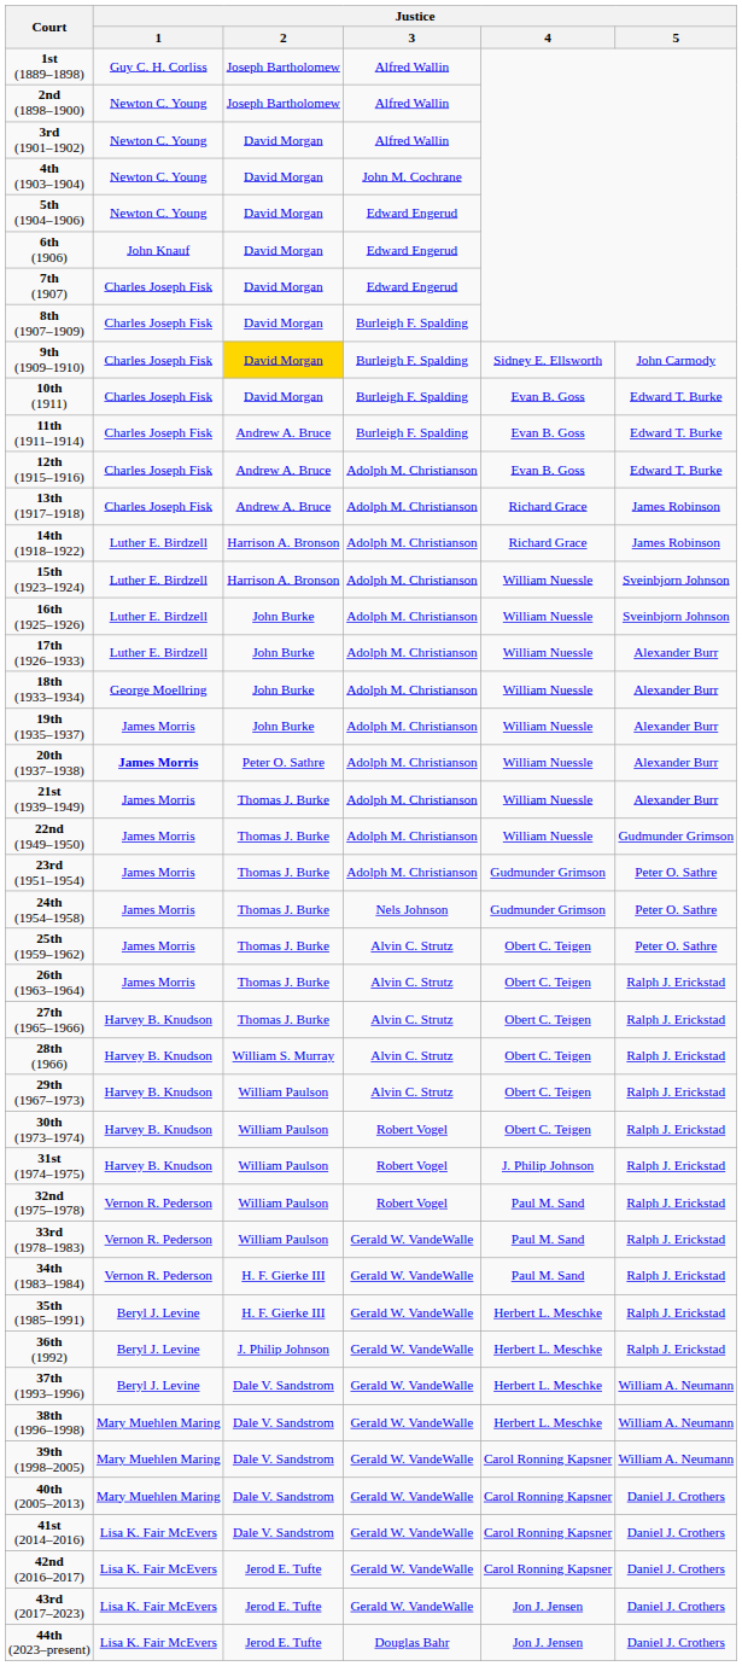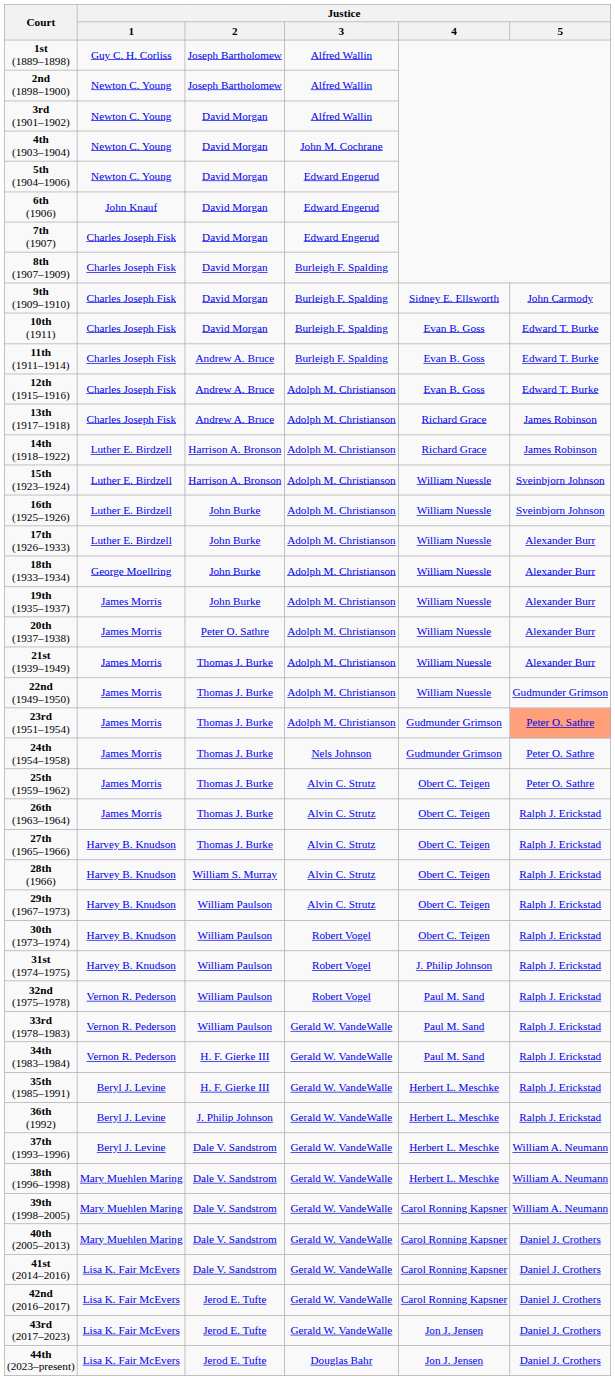 <table class=wikitable style="text-align:center">
 <tr>
 <th rowspan=2>Court</th>
 <th colspan=5>Justice</th>
 </tr>
 <tr>
 <th>1</th>
 <th>2</th>
 <th>3</th>
 <th>4</th>
 <th>5</th>
 </tr>
 <tr>
 <td><strong>1st</strong><br>(1889–1898)</td>
 <td><a href='#'>Guy C. H. Corliss</a></td>
 <td><a href='#'>Joseph Bartholomew</a></td>
 <td><a href='#'>Alfred Wallin</a></td>
 </tr>
 <tr>
 <td><strong>2nd</strong><br>(1898–1900)</td>
 <td><a href='#'>Newton C. Young</a></td>
 <td><a href='#'>Joseph Bartholomew</a></td>
 <td><a href='#'>Alfred Wallin</a></td>
 </tr>
 <tr>
 <td><strong>3rd</strong><br>(1901–1902)</td>
 <td><a href='#'>Newton C. Young</a></td>
 <td><a href='#'>David Morgan</a></td>
 <td><a href='#'>Alfred Wallin</a></td>
 </tr>
 <tr>
 <td><strong>4th</strong><br>(1903–1904)</td>
 <td><a href='#'>Newton C. Young</a></td>
 <td><a href='#'>David Morgan</a></td>
 <td><a href='#'>John M. Cochrane</a></td>
 </tr>
 <tr>
 <td><strong>5th</strong><br>(1904–1906)</td>
 <td><a href='#'>Newton C. Young</a></td>
 <td><a href='#'>David Morgan</a></td>
 <td><a href='#'>Edward Engerud</a></td>
 </tr>
 <tr>
 <td><strong>6th</strong><br>(1906)</td>
 <td><a href='#'>John Knauf</a></td>
 <td><a href='#'>David Morgan</a></td>
 <td><a href='#'>Edward Engerud</a></td>
 </tr>
 <tr>
 <td><strong>7th</strong><br>(1907)</td>
 <td><a href='#'>Charles Joseph Fisk</a></td>
 <td><a href='#'>David Morgan</a></td>
 <td><a href='#'>Edward Engerud</a></td>
 </tr>
 <tr>
 <td><strong>8th</strong><br>(1907–1909)</td>
 <td><a href='#'>Charles Joseph Fisk</a></td>
 <td><a href='#'>David Morgan</a></td>
 <td><a href='#'>Burleigh F. Spalding</a></td>
 </tr>
 <tr>
 <td><strong>9th</strong><br>(1909–1910)</td>
 <td><a href='#'>Charles Joseph Fisk</a></td>
-<td style="background: gold;"><a href='#'>David Morgan</a></td>
+<td><a href='#'>David Morgan</a></td>
 <td><a href='#'>Burleigh F. Spalding</a></td>
 <td><a href='#'>Sidney E. Ellsworth</a></td>
 <td><a href='#'>John Carmody</a></td>
 </tr>
 <tr>
 <td><strong>10th</strong><br>(1911)</td>
 <td><a href='#'>Charles Joseph Fisk</a></td>
 <td><a href='#'>David Morgan</a></td>
 <td><a href='#'>Burleigh F. Spalding</a></td>
 <td><a href='#'>Evan B. Goss</a></td>
 <td><a href='#'>Edward T. Burke</a></td>
 </tr>
 <tr>
 <td><strong>11th</strong><br>(1911–1914)</td>
 <td><a href='#'>Charles Joseph Fisk</a></td>
 <td><a href='#'>Andrew A. Bruce</a></td>
 <td><a href='#'>Burleigh F. Spalding</a></td>
 <td><a href='#'>Evan B. Goss</a></td>
 <td><a href='#'>Edward T. Burke</a></td>
 </tr>
 <tr>
 <td><strong>12th</strong><br>(1915–1916)</td>
 <td><a href='#'>Charles Joseph Fisk</a></td>
 <td><a href='#'>Andrew A. Bruce</a></td>
 <td><a href='#'>Adolph M. Christianson</a></td>
 <td><a href='#'>Evan B. Goss</a></td>
 <td><a href='#'>Edward T. Burke</a></td>
 </tr>
 <tr>
 <td><strong>13th</strong><br>(1917–1918)</td>
 <td><a href='#'>Charles Joseph Fisk</a></td>
 <td><a href='#'>Andrew A. Bruce</a></td>
 <td><a href='#'>Adolph M. Christianson</a></td>
 <td><a href='#'>Richard Grace</a></td>
 <td><a href='#'>James Robinson</a></td>
 </tr>
 <tr>
 <td><strong>14th</strong><br>(1918–1922)</td>
 <td><a href='#'>Luther E. Birdzell</a></td>
 <td><a href='#'>Harrison A. Bronson</a></td>
 <td><a href='#'>Adolph M. Christianson</a></td>
 <td><a href='#'>Richard Grace</a></td>
 <td><a href='#'>James Robinson</a></td>
 </tr>
 <tr>
 <td><strong>15th</strong><br>(1923–1924)</td>
 <td><a href='#'>Luther E. Birdzell</a></td>
 <td><a href='#'>Harrison A. Bronson</a></td>
 <td><a href='#'>Adolph M. Christianson</a></td>
 <td><a href='#'>William Nuessle</a></td>
 <td><a href='#'>Sveinbjorn Johnson</a></td>
 </tr>
 <tr>
 <td><strong>16th</strong><br>(1925–1926)</td>
 <td><a href='#'>Luther E. Birdzell</a></td>
 <td><a href='#'>John Burke</a></td>
 <td><a href='#'>Adolph M. Christianson</a></td>
 <td><a href='#'>William Nuessle</a></td>
 <td><a href='#'>Sveinbjorn Johnson</a></td>
 </tr>
 <tr>
 <td><strong>17th</strong><br>(1926–1933)</td>
 <td><a href='#'>Luther E. Birdzell</a></td>
 <td><a href='#'>John Burke</a></td>
 <td><a href='#'>Adolph M. Christianson</a></td>
 <td><a href='#'>William Nuessle</a></td>
 <td><a href='#'>Alexander Burr</a></td>
 </tr>
 <tr>
 <td><strong>18th</strong><br>(1933–1934)</td>
 <td><a href='#'>George Moellring</a></td>
 <td><a href='#'>John Burke</a></td>
 <td><a href='#'>Adolph M. Christianson</a></td>
 <td><a href='#'>William Nuessle</a></td>
 <td><a href='#'>Alexander Burr</a></td>
 </tr>
 <tr>
 <td><strong>19th</strong><br>(1935–1937)</td>
 <td><a href='#'>James Morris</a></td>
 <td><a href='#'>John Burke</a></td>
 <td><a href='#'>Adolph M. Christianson</a></td>
 <td><a href='#'>William Nuessle</a></td>
 <td><a href='#'>Alexander Burr</a></td>
 </tr>
 <tr>
 <td><strong>20th</strong><br>(1937–1938)</td>
-<td><strong><a href='#'>James Morris</a></strong></td>
+<td><a href='#'>James Morris</a></td>
 <td><a href='#'>Peter O. Sathre</a></td>
 <td><a href='#'>Adolph M. Christianson</a></td>
 <td><a href='#'>William Nuessle</a></td>
 <td><a href='#'>Alexander Burr</a></td>
 </tr>
 <tr>
 <td><strong>21st</strong><br>(1939–1949)</td>
 <td><a href='#'>James Morris</a></td>
 <td><a href='#'>Thomas J. Burke</a></td>
 <td><a href='#'>Adolph M. Christianson</a></td>
 <td><a href='#'>William Nuessle</a></td>
 <td><a href='#'>Alexander Burr</a></td>
 </tr>
 <tr>
 <td><strong>22nd</strong><br>(1949–1950)</td>
 <td><a href='#'>James Morris</a></td>
 <td><a href='#'>Thomas J. Burke</a></td>
 <td><a href='#'>Adolph M. Christianson</a></td>
 <td><a href='#'>William Nuessle</a></td>
 <td><a href='#'>Gudmunder Grimson</a></td>
 </tr>
 <tr>
 <td><strong>23rd</strong><br>(1951–1954)</td>
 <td><a href='#'>James Morris</a></td>
 <td><a href='#'>Thomas J. Burke</a></td>
 <td><a href='#'>Adolph M. Christianson</a></td>
 <td><a href='#'>Gudmunder Grimson</a></td>
-<td><a href='#'>Peter O. Sathre</a></td>
+<td style="background: lightsalmon;"><a href='#'>Peter O. Sathre</a></td>
 </tr>
 <tr>
 <td><strong>24th</strong><br>(1954–1958)</td>
 <td><a href='#'>James Morris</a></td>
 <td><a href='#'>Thomas J. Burke</a></td>
 <td><a href='#'>Nels Johnson</a></td>
 <td><a href='#'>Gudmunder Grimson</a></td>
 <td><a href='#'>Peter O. Sathre</a></td>
 </tr>
 <tr>
 <td><strong>25th</strong><br>(1959–1962)</td>
 <td><a href='#'>James Morris</a></td>
 <td><a href='#'>Thomas J. Burke</a></td>
 <td><a href='#'>Alvin C. Strutz</a></td>
 <td><a href='#'>Obert C. Teigen</a></td>
 <td><a href='#'>Peter O. Sathre</a></td>
 </tr>
 <tr>
 <td><strong>26th</strong><br>(1963–1964)</td>
 <td><a href='#'>James Morris</a></td>
 <td><a href='#'>Thomas J. Burke</a></td>
 <td><a href='#'>Alvin C. Strutz</a></td>
 <td><a href='#'>Obert C. Teigen</a></td>
 <td><a href='#'>Ralph J. Erickstad</a></td>
 </tr>
 <tr>
 <td><strong>27th</strong><br>(1965–1966)</td>
 <td><a href='#'>Harvey B. Knudson</a></td>
 <td><a href='#'>Thomas J. Burke</a></td>
 <td><a href='#'>Alvin C. Strutz</a></td>
 <td><a href='#'>Obert C. Teigen</a></td>
 <td><a href='#'>Ralph J. Erickstad</a></td>
 </tr>
 <tr>
 <td><strong>28th</strong><br>(1966)</td>
 <td><a href='#'>Harvey B. Knudson</a></td>
 <td><a href='#'>William S. Murray</a></td>
 <td><a href='#'>Alvin C. Strutz</a></td>
 <td><a href='#'>Obert C. Teigen</a></td>
 <td><a href='#'>Ralph J. Erickstad</a></td>
 </tr>
 <tr>
 <td><strong>29th</strong><br>(1967–1973)</td>
 <td><a href='#'>Harvey B. Knudson</a></td>
 <td><a href='#'>William Paulson</a></td>
 <td><a href='#'>Alvin C. Strutz</a></td>
 <td><a href='#'>Obert C. Teigen</a></td>
 <td><a href='#'>Ralph J. Erickstad</a></td>
 </tr>
 <tr>
 <td><strong>30th</strong><br>(1973–1974)</td>
 <td><a href='#'>Harvey B. Knudson</a></td>
 <td><a href='#'>William Paulson</a></td>
 <td><a href='#'>Robert Vogel</a></td>
 <td><a href='#'>Obert C. Teigen</a></td>
 <td><a href='#'>Ralph J. Erickstad</a></td>
 </tr>
 <tr>
 <td><strong>31st</strong><br>(1974–1975)</td>
 <td><a href='#'>Harvey B. Knudson</a></td>
 <td><a href='#'>William Paulson</a></td>
 <td><a href='#'>Robert Vogel</a></td>
 <td><a href='#'>J. Philip Johnson</a></td>
 <td><a href='#'>Ralph J. Erickstad</a></td>
 </tr>
 <tr>
 <td><strong>32nd</strong><br>(1975–1978)</td>
 <td><a href='#'>Vernon R. Pederson</a></td>
 <td><a href='#'>William Paulson</a></td>
 <td><a href='#'>Robert Vogel</a></td>
 <td><a href='#'>Paul M. Sand</a></td>
 <td><a href='#'>Ralph J. Erickstad</a></td>
 </tr>
 <tr>
 <td><strong>33rd</strong><br>(1978–1983)</td>
 <td><a href='#'>Vernon R. Pederson</a></td>
 <td><a href='#'>William Paulson</a></td>
 <td><a href='#'>Gerald W. VandeWalle</a></td>
 <td><a href='#'>Paul M. Sand</a></td>
 <td><a href='#'>Ralph J. Erickstad</a></td>
 </tr>
 <tr>
 <td><strong>34th</strong><br>(1983–1984)</td>
 <td><a href='#'>Vernon R. Pederson</a></td>
 <td><a href='#'>H. F. Gierke III</a></td>
 <td><a href='#'>Gerald W. VandeWalle</a></td>
 <td><a href='#'>Paul M. Sand</a></td>
 <td><a href='#'>Ralph J. Erickstad</a></td>
 </tr>
 <tr>
 <td><strong>35th</strong><br>(1985–1991)</td>
 <td><a href='#'>Beryl J. Levine</a></td>
 <td><a href='#'>H. F. Gierke III</a></td>
 <td><a href='#'>Gerald W. VandeWalle</a></td>
 <td><a href='#'>Herbert L. Meschke</a></td>
 <td><a href='#'>Ralph J. Erickstad</a></td>
 </tr>
 <tr>
 <td><strong>36th</strong><br>(1992)</td>
 <td><a href='#'>Beryl J. Levine</a></td>
 <td><a href='#'>J. Philip Johnson</a></td>
 <td><a href='#'>Gerald W. VandeWalle</a></td>
 <td><a href='#'>Herbert L. Meschke</a></td>
 <td><a href='#'>Ralph J. Erickstad</a></td>
 </tr>
 <tr>
 <td><strong>37th</strong><br>(1993–1996)</td>
 <td><a href='#'>Beryl J. Levine</a></td>
 <td><a href='#'>Dale V. Sandstrom</a></td>
 <td><a href='#'>Gerald W. VandeWalle</a></td>
 <td><a href='#'>Herbert L. Meschke</a></td>
 <td><a href='#'>William A. Neumann</a></td>
 </tr>
 <tr>
 <td><strong>38th</strong><br>(1996–1998)</td>
 <td><a href='#'>Mary Muehlen Maring</a></td>
 <td><a href='#'>Dale V. Sandstrom</a></td>
 <td><a href='#'>Gerald W. VandeWalle</a></td>
 <td><a href='#'>Herbert L. Meschke</a></td>
 <td><a href='#'>William A. Neumann</a></td>
 </tr>
 <tr>
 <td><strong>39th</strong><br>(1998–2005)</td>
 <td><a href='#'>Mary Muehlen Maring</a></td>
 <td><a href='#'>Dale V. Sandstrom</a></td>
 <td><a href='#'>Gerald W. VandeWalle</a></td>
 <td><a href='#'>Carol Ronning Kapsner</a></td>
 <td><a href='#'>William A. Neumann</a></td>
 </tr>
 <tr>
 <td><strong>40th</strong><br>(2005–2013)</td>
 <td><a href='#'>Mary Muehlen Maring</a></td>
 <td><a href='#'>Dale V. Sandstrom</a></td>
 <td><a href='#'>Gerald W. VandeWalle</a></td>
 <td><a href='#'>Carol Ronning Kapsner</a></td>
 <td><a href='#'>Daniel J. Crothers</a></td>
 </tr>
 <tr>
 <td><strong>41st</strong><br>(2014–2016)</td>
 <td><a href='#'>Lisa K. Fair McEvers</a></td>
 <td><a href='#'>Dale V. Sandstrom</a></td>
 <td><a href='#'>Gerald W. VandeWalle</a></td>
 <td><a href='#'>Carol Ronning Kapsner</a></td>
 <td><a href='#'>Daniel J. Crothers</a></td>
 </tr>
 <tr>
 <td><strong>42nd</strong><br>(2016–2017)</td>
 <td><a href='#'>Lisa K. Fair McEvers</a></td>
 <td><a href='#'>Jerod E. Tufte</a></td>
 <td><a href='#'>Gerald W. VandeWalle</a></td>
 <td><a href='#'>Carol Ronning Kapsner</a></td>
 <td><a href='#'>Daniel J. Crothers</a></td>
 </tr>
 <tr>
 <td><strong>43rd</strong><br>(2017–2023)</td>
 <td><a href='#'>Lisa K. Fair McEvers</a></td>
 <td><a href='#'>Jerod E. Tufte</a></td>
 <td><a href='#'>Gerald W. VandeWalle</a></td>
 <td><a href='#'>Jon J. Jensen</a></td>
 <td><a href='#'>Daniel J. Crothers</a></td>
 </tr>
 <tr>
 <td><strong>44th</strong><br>(2023–present)</td>
 <td><a href='#'>Lisa K. Fair McEvers</a></td>
 <td><a href='#'>Jerod E. Tufte</a></td>
 <td><a href='#'>Douglas Bahr</a></td>
 <td><a href='#'>Jon J. Jensen</a></td>
 <td><a href='#'>Daniel J. Crothers</a></td>
 </tr>
 </table>
